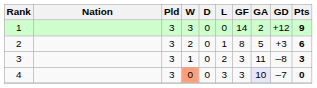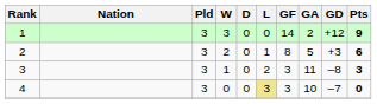 <table class="wikitable" style="text-align: center;">
 <tr>
 <th width=5>Rank</th>
 <th width=200>Nation</th>
 <th width=20>Pld</th>
 <th width=20>W</th>
 <th width=20>D</th>
 <th width=20>L</th>
 <th width=20>GF</th>
 <th width=20>GA</th>
 <th width=20>GD</th>
 <th width=20>Pts</th>
 </tr>
 <tr style="background:#ccffcc">
 <td>1</td>
 <td style="text-align:left"></td>
 <td>3</td>
 <td>3</td>
 <td>0</td>
 <td>0</td>
 <td>14</td>
 <td>2</td>
 <td>+12</td>
 <td><strong>9</strong></td>
 </tr>
 <tr>
 <td>2</td>
 <td style="text-align:left"></td>
 <td>3</td>
 <td>2</td>
 <td>0</td>
 <td>1</td>
 <td>8</td>
 <td>5</td>
 <td>+3</td>
 <td><strong>6</strong></td>
 </tr>
 <tr>
 <td>3</td>
 <td style="text-align:left"></td>
 <td>3</td>
 <td>1</td>
 <td>0</td>
 <td>2</td>
 <td>3</td>
 <td>11</td>
 <td>–8</td>
 <td><strong>3</strong></td>
 </tr>
 <tr>
 <td>4</td>
 <td style="text-align:left"></td>
 <td>3</td>
-<td style="background: lightsalmon;">0</td>
 <td>0</td>
+<td>0</td>
+<td style="background: khaki;">3</td>
 <td>3</td>
-<td>3</td>
-<td style="background: lavender;">10</td>
+<td>10</td>
 <td>–7</td>
 <td><strong>0</strong></td>
 </tr>
 <tr>
 </tr>
 </table>
